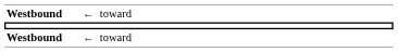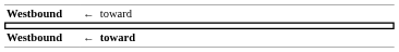 <table table border="0" cellspacing="0" cellpadding="3">
 <tr>
 <td style="border-top:solid 1px gray;" width="100"><strong>Westbound</strong></td>
 <td style="border-top:solid 1px gray;" width="430">←  toward  </td>
 </tr>
 <tr>
 <td style="border-top:solid 2px black;border-right:solid 2px black;border-left:solid 2px black;border-bottom:solid 2px black;text-align:center;" colspan="2"></td>
 </tr>
 <tr>
 <td style="border-bottom:solid 1px gray;" width="100"><strong>Westbound</strong></td>
-<td style="border-bottom:solid 1px gray;" width="430">←  toward  </td>
+<td style="border-bottom:solid 1px gray;" width="430"><strong>←  toward  </strong></td>
 </tr>
 </table>
